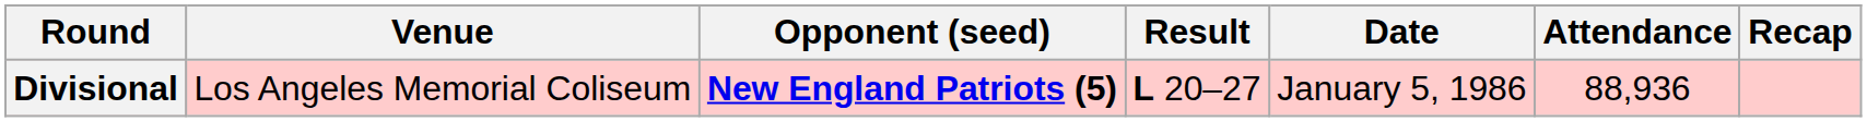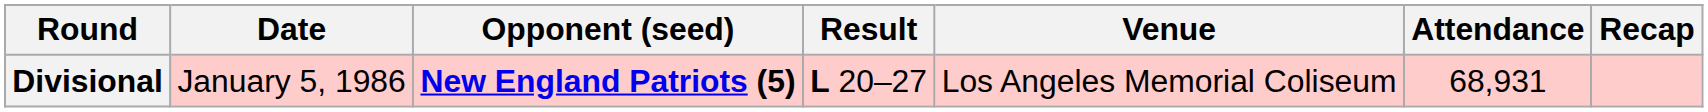 <table class="wikitable" style="text-align:center">
 <tr>
 <th>Round</th>
-<th>Venue</th>
+<th>Date</th>
 <th>Opponent (seed)</th>
 <th>Result</th>
-<th>Date</th>
+<th>Venue</th>
 <th>Attendance</th>
 <th>Recap</th>
 </tr>
 <tr style="background:#fcc">
 <th>Divisional</th>
-<td>Los Angeles Memorial Coliseum</td>
+<td>January 5, 1986</td>
 <td><strong><a href='#'>New England Patriots</a> (5)</strong></td>
 <td><strong>L</strong> 20–27</td>
-<td>January 5, 1986</td>
-<td>88,936</td>
+<td>Los Angeles Memorial Coliseum</td>
+<td>68,931</td>
 <td></td>
 </tr>
 </table>
